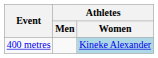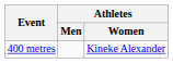 <table class=wikitable style="font-size:90%">
 <tr>
 <th rowspan=2>Event</th>
 <th colspan=2>Athletes</th>
 </tr>
 <tr>
 <th>Men</th>
 <th>Women</th>
 </tr>
 <tr>
 <td><a href='#'>400 metres</a></td>
 <td></td>
-<td style="background: lightblue;"><a href='#'>Kineke Alexander</a></td>
+<td><a href='#'>Kineke Alexander</a></td>
 </tr>
 </table>
